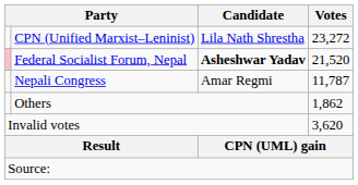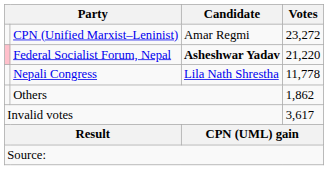 <table class="wikitable">
 <tr>
 <th colspan="2">Party</th>
 <th>Candidate</th>
 <th>Votes</th>
 </tr>
 <tr>
 <td style="background-color:"></td>
 <td><a href='#'>CPN (Unified Marxist–Leninist)</a></td>
-<td><a href='#'>Lila Nath Shrestha</a></td>
+<td>Amar Regmi</td>
 <td>23,272</td>
 </tr>
 <tr>
 <td style="background-color:pink"></td>
 <td><a href='#'>Federal Socialist Forum, Nepal</a></td>
 <td><strong>Asheshwar Yadav</strong></td>
-<td>21,520</td>
+<td>21,220</td>
 </tr>
 <tr>
 <td style="background-color:"></td>
 <td><a href='#'>Nepali Congress</a></td>
-<td>Amar Regmi</td>
-<td>11,787</td>
+<td><a href='#'>Lila Nath Shrestha</a></td>
+<td>11,778</td>
 </tr>
 <tr>
 <td></td>
 <td colspan="2">Others</td>
 <td>1,862</td>
 </tr>
 <tr>
 <td colspan="3">Invalid votes</td>
-<td>3,620</td>
+<td>3,617</td>
 </tr>
 <tr>
 <th colspan="2">Result</th>
 <th colspan="2">CPN (UML) gain</th>
 </tr>
 <tr>
 <td colspan="4">Source: </td>
 </tr>
 </table>
